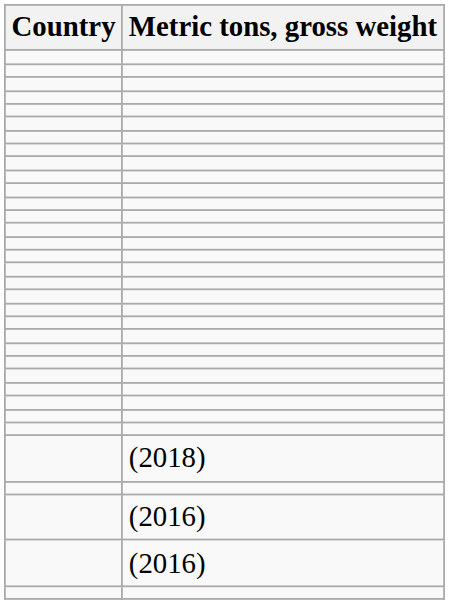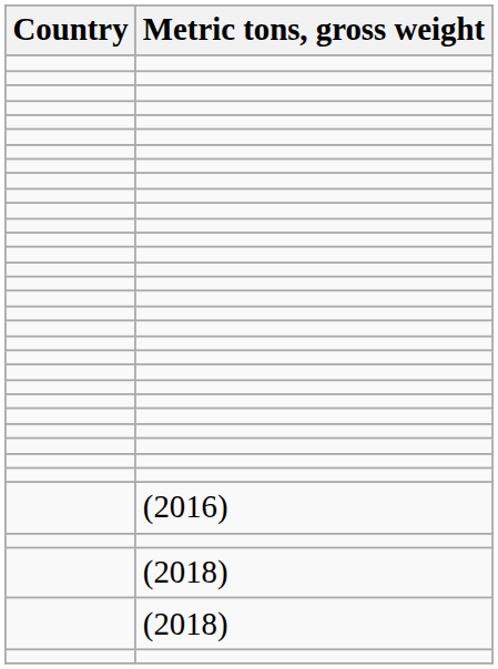 <table class="wikitable sortable static-row-numbers">
 <tr>
 <th>Country</th>
 <th>Metric tons, gross weight</th>
 </tr>
 <tr>
 <td></td>
 <td></td>
 </tr>
 <tr>
 <td></td>
 <td></td>
 </tr>
 <tr>
 <td></td>
 <td></td>
 </tr>
 <tr>
 <td></td>
 <td></td>
 </tr>
 <tr>
 <td></td>
 <td></td>
 </tr>
 <tr>
 <td></td>
 <td></td>
 </tr>
 <tr>
 <td></td>
 <td></td>
 </tr>
 <tr>
 <td></td>
 <td></td>
 </tr>
 <tr>
 <td></td>
 <td></td>
 </tr>
 <tr>
 <td></td>
 <td></td>
 </tr>
 <tr>
 <td></td>
 <td></td>
 </tr>
 <tr>
 <td></td>
 <td></td>
 </tr>
 <tr>
 <td></td>
 <td></td>
 </tr>
 <tr>
 <td></td>
 <td></td>
 </tr>
 <tr>
 <td></td>
 <td></td>
 </tr>
 <tr>
 <td></td>
 <td></td>
 </tr>
 <tr>
 <td></td>
 <td></td>
 </tr>
 <tr>
 <td></td>
 <td></td>
 </tr>
 <tr>
 <td></td>
 <td></td>
 </tr>
 <tr>
 <td></td>
 <td></td>
 </tr>
 <tr>
 <td></td>
 <td></td>
 </tr>
 <tr>
 <td></td>
 <td></td>
 </tr>
 <tr>
 <td></td>
 <td></td>
 </tr>
 <tr>
 <td></td>
 <td></td>
 </tr>
 <tr>
 <td></td>
 <td></td>
 </tr>
 <tr>
 <td></td>
 <td></td>
 </tr>
 <tr>
 <td></td>
 <td></td>
 </tr>
 <tr>
 <td></td>
 <td></td>
 </tr>
 <tr>
 <td></td>
 <td></td>
 </tr>
 <tr>
 <td></td>
-<td> (2018)</td>
+<td> (2016)</td>
 </tr>
 <tr>
 <td></td>
 <td></td>
 </tr>
 <tr>
 <td></td>
-<td> (2016)</td>
+<td> (2018)</td>
 </tr>
 <tr>
 <td></td>
-<td> (2016)</td>
+<td> (2018)</td>
 </tr>
 <tr>
 <td></td>
 <td></td>
 </tr>
 </table>
